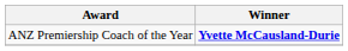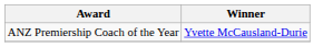 <table class="wikitable collapsible">
 <tr>
 <th>Award</th>
 <th>Winner</th>
 </tr>
 <tr>
 <td>ANZ Premiership Coach of the Year</td>
-<td><strong><a href='#'>Yvette McCausland-Durie</a></strong></td>
+<td><a href='#'>Yvette McCausland-Durie</a></td>
 </tr>
 <tr>
 </tr>
 </table>
